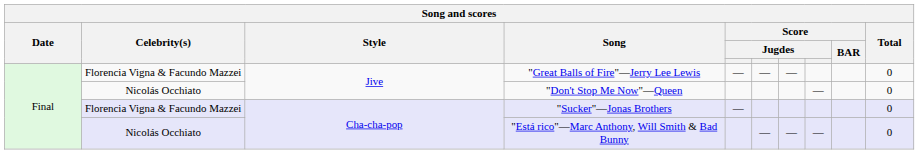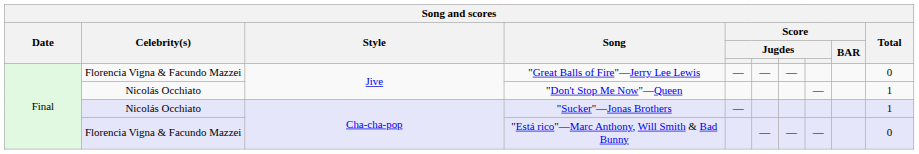 <table class="wikitable collapsible collapsed" style="font-size:95%; text-align: center; width: 100%;">
 <tr>
 <th colspan="11" style="with: 100%;" align=center>Song and scores</th>
 </tr>
 <tr>
 <th rowspan="3" width="100">Date</th>
 <th rowspan="3" width="220">Celebrity(s)</th>
 <th rowspan="3">Style</th>
 <th rowspan="3" width="300">Song</th>
 <th colspan="5">Score</th>
 <th rowspan="3" width="60">Total</th>
 </tr>
 <tr>
 <th colspan="4">Jugdes</th>
 <th rowspan="2" width=40>BAR<br></th>
 </tr>
 <tr>
 <th width=30></th>
 <th width=30></th>
 <th width=30></th>
 <th width=30></th>
 </tr>
 <tr>
 <td rowspan="4" style=" background:#E0F9E0">Final<br></td>
 <td>Florencia Vigna & Facundo Mazzei</td>
 <td rowspan="2"><a href='#'>Jive</a></td>
 <td>"<a href='#'>Great Balls of Fire</a>"—<a href='#'>Jerry Lee Lewis</a></td>
 <td>—</td>
 <td>—</td>
 <td>—</td>
 <td></td>
 <td> </td>
 <td>0</td>
 </tr>
 <tr>
 <td>Nicolás Occhiato</td>
 <td>"<a href='#'>Don't Stop Me Now</a>"—<a href='#'>Queen</a></td>
 <td></td>
 <td></td>
 <td></td>
 <td>—</td>
 <td> </td>
-<td>0</td>
+<td>1</td>
 </tr>
 <tr style="background:lavender;">
-<td>Florencia Vigna & Facundo Mazzei</td>
+<td>Nicolás Occhiato</td>
 <td rowspan="2"><a href='#'>Cha-cha-pop</a></td>
 <td>"<a href='#'>Sucker</a>"—<a href='#'>Jonas Brothers</a></td>
 <td>—</td>
 <td></td>
 <td></td>
 <td></td>
 <td> </td>
-<td>0</td>
+<td>1</td>
 </tr>
 <tr style="background:lavender;">
-<td>Nicolás Occhiato</td>
+<td>Florencia Vigna & Facundo Mazzei</td>
 <td>"<a href='#'>Está rico</a>"—<a href='#'>Marc Anthony</a>, <a href='#'>Will Smith</a> & <a href='#'>Bad Bunny</a></td>
 <td></td>
 <td>—</td>
 <td>—</td>
 <td>—</td>
 <td> </td>
 <td>0</td>
 </tr>
 </table>
